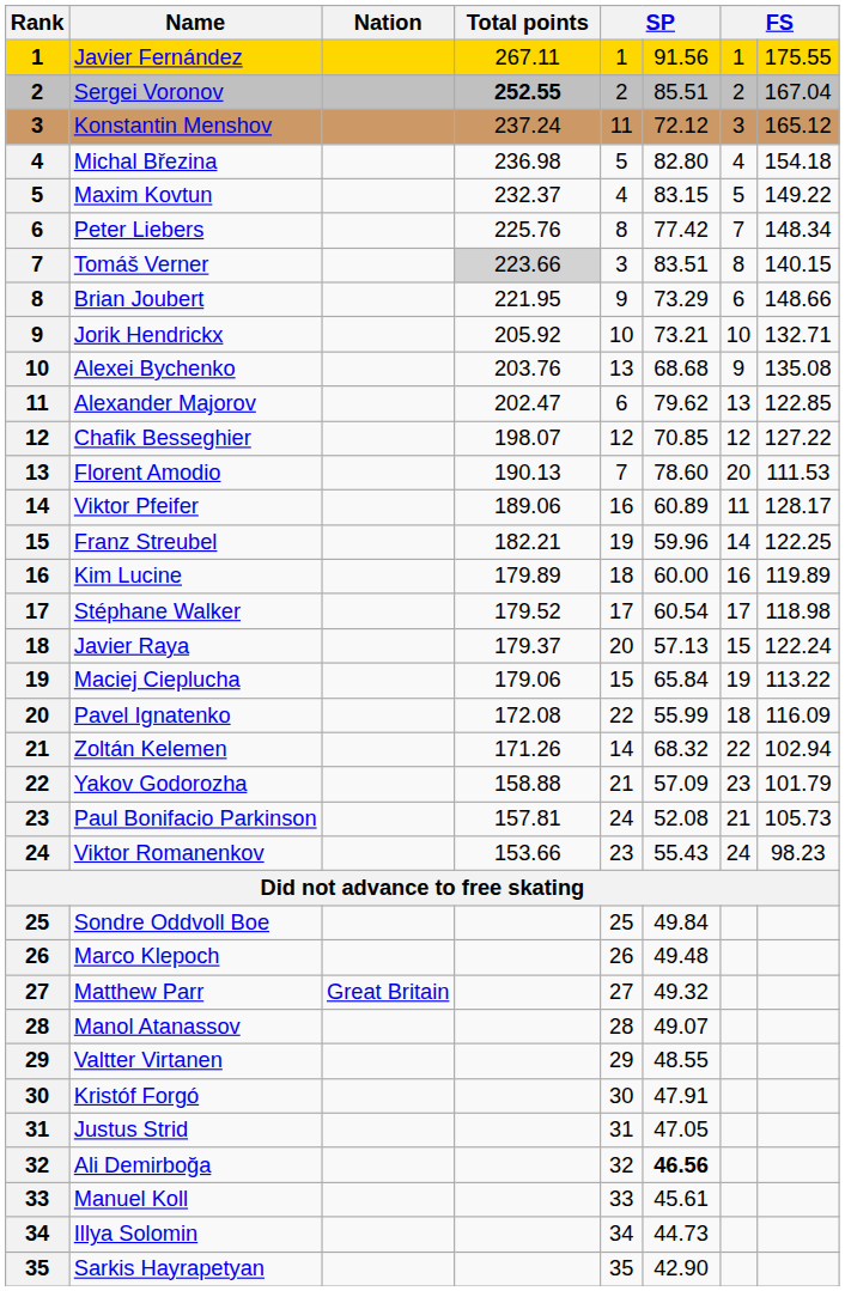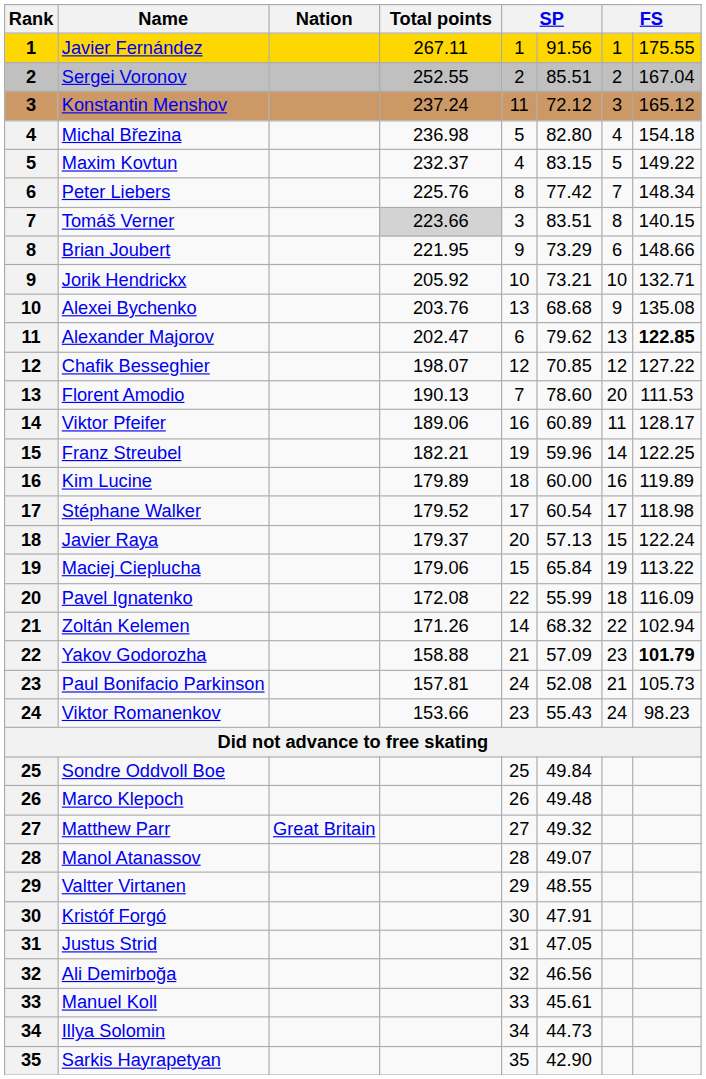 <table class="wikitable sortable">
 <tr>
 <th>Rank</th>
 <th>Name</th>
 <th>Nation</th>
 <th width="100px">Total points</th>
 <th colspan="2" width="80px"><a href='#'>SP</a></th>
 <th colspan="2" width="80px"><a href='#'>FS</a></th>
 </tr>
 <tr bgcolor="gold">
 <td align="center"><strong>1</strong></td>
 <td><a href='#'>Javier Fernández</a></td>
 <td></td>
 <td align="center">267.11</td>
 <td align="center">1</td>
 <td align="center">91.56</td>
 <td align="center">1</td>
 <td align="center">175.55</td>
 </tr>
 <tr bgcolor="silver">
 <td align="center"><strong>2</strong></td>
 <td><a href='#'>Sergei Voronov</a></td>
 <td></td>
-<td align="center"><strong>252.55</strong></td>
+<td align="center">252.55</td>
 <td align="center">2</td>
 <td align="center">85.51</td>
 <td align="center">2</td>
 <td align="center">167.04</td>
 </tr>
 <tr bgcolor="cc9966">
 <td align="center"><strong>3</strong></td>
 <td><a href='#'>Konstantin Menshov</a></td>
 <td></td>
 <td align="center">237.24</td>
 <td align="center">11</td>
 <td align="center">72.12</td>
 <td align="center">3</td>
 <td align="center">165.12</td>
 </tr>
 <tr>
 <th>4</th>
 <td><a href='#'>Michal Březina</a></td>
 <td></td>
 <td align="center">236.98</td>
 <td align="center">5</td>
 <td align="center">82.80</td>
 <td align="center">4</td>
 <td align="center">154.18</td>
 </tr>
 <tr>
 <th>5</th>
 <td><a href='#'>Maxim Kovtun</a></td>
 <td></td>
 <td align="center">232.37</td>
 <td align="center">4</td>
 <td align="center">83.15</td>
 <td align="center">5</td>
 <td align="center">149.22</td>
 </tr>
 <tr>
 <th>6</th>
 <td><a href='#'>Peter Liebers</a></td>
 <td></td>
 <td align="center">225.76</td>
 <td align="center">8</td>
 <td align="center">77.42</td>
 <td align="center">7</td>
 <td align="center">148.34</td>
 </tr>
 <tr>
 <th>7</th>
 <td><a href='#'>Tomáš Verner</a></td>
 <td></td>
 <td align="center" style="background: lightgrey;">223.66</td>
 <td align="center">3</td>
 <td align="center">83.51</td>
 <td align="center">8</td>
 <td align="center">140.15</td>
 </tr>
 <tr>
 <th>8</th>
 <td><a href='#'>Brian Joubert</a></td>
 <td></td>
 <td align="center">221.95</td>
 <td align="center">9</td>
 <td align="center">73.29</td>
 <td align="center">6</td>
 <td align="center">148.66</td>
 </tr>
 <tr>
 <th>9</th>
 <td><a href='#'>Jorik Hendrickx</a></td>
 <td></td>
 <td align="center">205.92</td>
 <td align="center">10</td>
 <td align="center">73.21</td>
 <td align="center">10</td>
 <td align="center">132.71</td>
 </tr>
 <tr>
 <th>10</th>
 <td><a href='#'>Alexei Bychenko</a></td>
 <td></td>
 <td align="center">203.76</td>
 <td align="center">13</td>
 <td align="center">68.68</td>
 <td align="center">9</td>
 <td align="center">135.08</td>
 </tr>
 <tr>
 <th>11</th>
 <td><a href='#'>Alexander Majorov</a></td>
 <td></td>
 <td align="center">202.47</td>
 <td align="center">6</td>
 <td align="center">79.62</td>
 <td align="center">13</td>
-<td align="center">122.85</td>
+<td align="center"><strong>122.85</strong></td>
 </tr>
 <tr>
 <th>12</th>
 <td><a href='#'>Chafik Besseghier</a></td>
 <td></td>
 <td align="center">198.07</td>
 <td align="center">12</td>
 <td align="center">70.85</td>
 <td align="center">12</td>
 <td align="center">127.22</td>
 </tr>
 <tr>
 <th>13</th>
 <td><a href='#'>Florent Amodio</a></td>
 <td></td>
 <td align="center">190.13</td>
 <td align="center">7</td>
 <td align="center">78.60</td>
 <td align="center">20</td>
 <td align="center">111.53</td>
 </tr>
 <tr>
 <th>14</th>
 <td><a href='#'>Viktor Pfeifer</a></td>
 <td></td>
 <td align="center">189.06</td>
 <td align="center">16</td>
 <td align="center">60.89</td>
 <td align="center">11</td>
 <td align="center">128.17</td>
 </tr>
 <tr>
 <th>15</th>
 <td><a href='#'>Franz Streubel</a></td>
 <td></td>
 <td align="center">182.21</td>
 <td align="center">19</td>
 <td align="center">59.96</td>
 <td align="center">14</td>
 <td align="center">122.25</td>
 </tr>
 <tr>
 <th>16</th>
 <td><a href='#'>Kim Lucine</a></td>
 <td></td>
 <td align="center">179.89</td>
 <td align="center">18</td>
 <td align="center">60.00</td>
 <td align="center">16</td>
 <td align="center">119.89</td>
 </tr>
 <tr>
 <th>17</th>
 <td><a href='#'>Stéphane Walker</a></td>
 <td></td>
 <td align="center">179.52</td>
 <td align="center">17</td>
 <td align="center">60.54</td>
 <td align="center">17</td>
 <td align="center">118.98</td>
 </tr>
 <tr>
 <th>18</th>
 <td><a href='#'>Javier Raya</a></td>
 <td></td>
 <td align="center">179.37</td>
 <td align="center">20</td>
 <td align="center">57.13</td>
 <td align="center">15</td>
 <td align="center">122.24</td>
 </tr>
 <tr>
 <th>19</th>
 <td><a href='#'>Maciej Cieplucha</a></td>
 <td></td>
 <td align="center">179.06</td>
 <td align="center">15</td>
 <td align="center">65.84</td>
 <td align="center">19</td>
 <td align="center">113.22</td>
 </tr>
 <tr>
 <th>20</th>
 <td><a href='#'>Pavel Ignatenko</a></td>
 <td></td>
 <td align="center">172.08</td>
 <td align="center">22</td>
 <td align="center">55.99</td>
 <td align="center">18</td>
 <td align="center">116.09</td>
 </tr>
 <tr>
 <th>21</th>
 <td><a href='#'>Zoltán Kelemen</a></td>
 <td></td>
 <td align="center">171.26</td>
 <td align="center">14</td>
 <td align="center">68.32</td>
 <td align="center">22</td>
 <td align="center">102.94</td>
 </tr>
 <tr>
 <th>22</th>
 <td><a href='#'>Yakov Godorozha</a></td>
 <td></td>
 <td align="center">158.88</td>
 <td align="center">21</td>
 <td align="center">57.09</td>
 <td align="center">23</td>
-<td align="center">101.79</td>
+<td align="center"><strong>101.79</strong></td>
 </tr>
 <tr>
 <th>23</th>
 <td><a href='#'>Paul Bonifacio Parkinson</a></td>
 <td></td>
 <td align="center">157.81</td>
 <td align="center">24</td>
 <td align="center">52.08</td>
 <td align="center">21</td>
 <td align="center">105.73</td>
 </tr>
 <tr>
 <th>24</th>
 <td><a href='#'>Viktor Romanenkov</a></td>
 <td></td>
 <td align="center">153.66</td>
 <td align="center">23</td>
 <td align="center">55.43</td>
 <td align="center">24</td>
 <td align="center">98.23</td>
 </tr>
 <tr>
 <th colspan=8>Did not advance to free skating</th>
 </tr>
 <tr>
 <th>25</th>
 <td><a href='#'>Sondre Oddvoll Boe</a></td>
 <td></td>
 <td></td>
 <td align="center">25</td>
 <td align="center">49.84</td>
 <td></td>
 <td></td>
 </tr>
 <tr>
 <th>26</th>
 <td><a href='#'>Marco Klepoch</a></td>
 <td></td>
 <td></td>
 <td align="center">26</td>
 <td align="center">49.48</td>
 <td></td>
 <td></td>
 </tr>
 <tr>
 <th>27</th>
 <td><a href='#'>Matthew Parr</a></td>
 <td> <a href='#'>Great Britain</a></td>
 <td></td>
 <td align="center">27</td>
 <td align="center">49.32</td>
 <td></td>
 <td></td>
 </tr>
 <tr>
 <th>28</th>
 <td><a href='#'>Manol Atanassov</a></td>
 <td></td>
 <td></td>
 <td align="center">28</td>
 <td align="center">49.07</td>
 <td></td>
 <td></td>
 </tr>
 <tr>
 <th>29</th>
 <td><a href='#'>Valtter Virtanen</a></td>
 <td></td>
 <td></td>
 <td align="center">29</td>
 <td align="center">48.55</td>
 <td></td>
 <td></td>
 </tr>
 <tr>
 <th>30</th>
 <td><a href='#'>Kristóf Forgó</a></td>
 <td></td>
 <td></td>
 <td align="center">30</td>
 <td align="center">47.91</td>
 <td></td>
 <td></td>
 </tr>
 <tr>
 <th>31</th>
 <td><a href='#'>Justus Strid</a></td>
 <td></td>
 <td></td>
 <td align="center">31</td>
 <td align="center">47.05</td>
 <td></td>
 <td></td>
 </tr>
 <tr>
 <th>32</th>
 <td><a href='#'>Ali Demirboğa</a></td>
 <td></td>
 <td></td>
 <td align="center">32</td>
-<td align="center"><strong>46.56</strong></td>
+<td align="center">46.56</td>
 <td></td>
 <td></td>
 </tr>
 <tr>
 <th>33</th>
 <td><a href='#'>Manuel Koll</a></td>
 <td></td>
 <td></td>
 <td align="center">33</td>
 <td align="center">45.61</td>
 <td></td>
 <td></td>
 </tr>
 <tr>
 <th>34</th>
 <td><a href='#'>Illya Solomin</a></td>
 <td></td>
 <td></td>
 <td align="center">34</td>
 <td align="center">44.73</td>
 <td></td>
 <td></td>
 </tr>
 <tr>
 <th>35</th>
 <td><a href='#'>Sarkis Hayrapetyan</a></td>
 <td></td>
 <td></td>
 <td align="center">35</td>
 <td align="center">42.90</td>
 <td></td>
 <td></td>
 </tr>
 </table>
